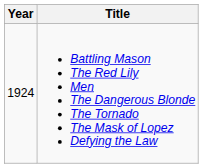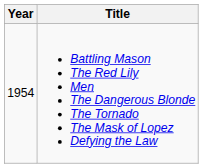 <table class="wikitable sortable">
 <tr>
 <th>Year</th>
 <th>Title</th>
 </tr>
 <tr>
-<td>1924</td>
+<td>1954</td>
 <td><br><ul><li><em><a href='#'>Battling Mason</a></em></li><li><em><a href='#'>The Red Lily</a></em></li><li><em><a href='#'>Men</a></em></li><li><em><a href='#'>The Dangerous Blonde</a></em></li><li><em><a href='#'>The Tornado</a></em></li><li><em><a href='#'>The Mask of Lopez</a></em></li><li><em><a href='#'>Defying the Law</a></em></li></ul></td>
 </tr>
 </table>
